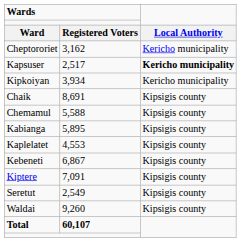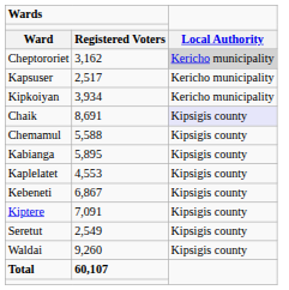 <table class="wikitable">
 <tr>
 <td colspan="2"><strong>Wards</strong></td>
 </tr>
 <tr>
 <td colspan="2"></td>
 </tr>
 <tr>
 <th>Ward</th>
 <th>Registered Voters</th>
 <th><a href='#'>Local Authority</a></th>
 </tr>
 <tr>
 <td>Cheptororiet</td>
 <td>3,162</td>
-<td><a href='#'>Kericho</a> municipality</td>
+<td style="background: lightgrey;"><a href='#'>Kericho</a> municipality</td>
 </tr>
 <tr>
 <td>Kapsuser</td>
 <td>2,517</td>
-<td><strong>Kericho municipality</strong></td>
+<td>Kericho municipality</td>
 </tr>
 <tr>
 <td>Kipkoiyan</td>
 <td>3,934</td>
 <td>Kericho municipality</td>
 </tr>
 <tr>
 <td>Chaik</td>
 <td>8,691</td>
-<td>Kipsigis county</td>
+<td style="background: lavender;">Kipsigis county</td>
 </tr>
 <tr>
 <td>Chemamul</td>
 <td>5,588</td>
 <td>Kipsigis county</td>
 </tr>
 <tr>
 <td>Kabianga</td>
 <td>5,895</td>
 <td>Kipsigis county</td>
 </tr>
 <tr>
 <td>Kaplelatet</td>
 <td>4,553</td>
 <td>Kipsigis county</td>
 </tr>
 <tr>
 <td>Kebeneti</td>
 <td>6,867</td>
 <td>Kipsigis county</td>
 </tr>
 <tr>
 <td><a href='#'>Kiptere</a></td>
 <td>7,091</td>
 <td>Kipsigis county</td>
 </tr>
 <tr>
 <td>Seretut</td>
 <td>2,549</td>
 <td>Kipsigis county</td>
 </tr>
 <tr>
 <td>Waldai</td>
 <td>9,260</td>
 <td>Kipsigis county</td>
 </tr>
 <tr>
 <td><strong>Total</strong></td>
 <td><strong>60,107</strong></td>
 </tr>
 <tr>
 <td colspan="2"></td>
 </tr>
 </table>
